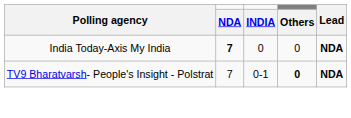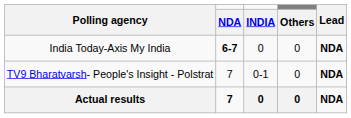 <table class="wikitable" style="text-align:center;font-size:95%;line-height:30px;">
 <tr>
 <th rowspan="2" class="wikitable">Polling agency</th>
 <td></td>
 <td></td>
 <td style="background:grey;"></td>
 <th rowspan="2">Lead</th>
 </tr>
 <tr>
 <th class="wikitable"><a href='#'>NDA</a></th>
 <th class="wikitable"><a href='#'>INDIA</a></th>
 <th class="wikitable">Others</th>
 </tr>
 <tr>
 <td>India Today-Axis My India</td>
-<td bgcolor=><strong>7</strong></td>
+<td bgcolor=><strong>6-7</strong></td>
 <td>0</td>
 <td>0</td>
 <td bgcolor=><strong>NDA</strong></td>
 </tr>
 <tr>
 <td><a href='#'>TV9 Bharatvarsh</a>- People's Insight - Polstrat</td>
 <td>7</td>
 <td>0-1</td>
-<td><strong>0</strong></td>
+<td>0</td>
 <td><strong>NDA</strong></td>
 </tr>
+<tr>
+<th>Actual results</th>
+<td bgcolor=><strong>7</strong></td>
+<th>0</th>
+<th>0</th>
+<td bgcolor=><strong>NDA</strong></td>
+</tr>
 </table>
